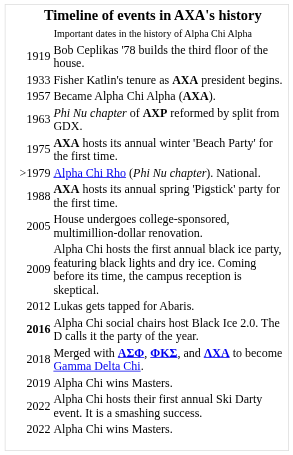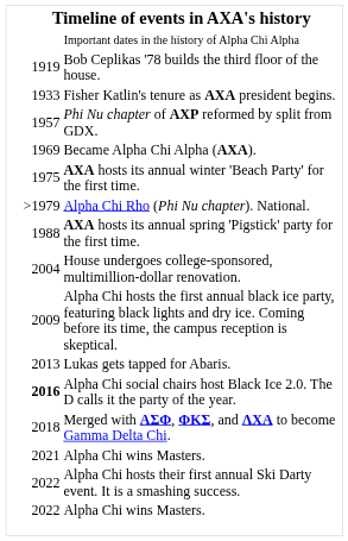 <table align="right" width="30%" style="border:1px solid #ddd; margin:0 1 1em 1em; padding:0 0 1em 1em; vertical-align:right;">
 <tr>
 <th colspan="2" align="center"><big>Timeline of events in AXA's history</big></th>
 </tr>
 <tr>
 <td colspan="2" align="center"><small>Important dates in the history of Alpha Chi Alpha</small></td>
 </tr>
 <tr>
 <td align="right">1919</td>
 <td>Bob Ceplikas '78 builds the third floor of the house.</td>
 </tr>
 <tr>
 <td align="right">1933</td>
 <td>Fisher Katlin's tenure as <strong>AXA</strong> president begins.</td>
 </tr>
 <tr>
 <td align="right">1957</td>
-<td>Became Alpha Chi Alpha (<strong>AXA</strong>).</td>
+<td><em>Phi Nu chapter</em> of <strong>AXP</strong> reformed by split from GDX.</td>
 </tr>
 <tr>
-<td align="right">1963</td>
-<td><em>Phi Nu chapter</em> of <strong>AXP</strong> reformed by split from GDX.</td>
+<td align="right">1969</td>
+<td>Became Alpha Chi Alpha (<strong>AXA</strong>).</td>
 </tr>
 <tr>
 <td align="right">1975</td>
 <td><strong>AXA</strong> hosts its annual winter 'Beach Party' for the first time.</td>
 </tr>
 <tr>
 <td align="right">>1979</td>
 <td><a href='#'>Alpha Chi Rho</a> (<em>Phi Nu chapter</em>). National.</td>
 </tr>
 <tr>
 <td align="right">1988</td>
 <td><strong>AXA</strong> hosts its annual spring 'Pigstick' party for the first time.</td>
 </tr>
 <tr>
-<td align="right">2005</td>
+<td align="right">2004</td>
 <td>House undergoes college-sponsored, multimillion-dollar renovation.</td>
 </tr>
 <tr>
 <td align="right">2009</td>
 <td>Alpha Chi hosts the first annual black ice party, featuring black lights and dry ice. Coming before its time, the campus reception is skeptical.</td>
 </tr>
 <tr>
-<td align="right">2012</td>
+<td align="right">2013</td>
 <td>Lukas gets tapped for Abaris.</td>
 </tr>
 <tr>
 <td align="right"><strong>2016</strong></td>
 <td>Alpha Chi social chairs host Black Ice 2.0. The D calls it the party of the year.</td>
 </tr>
 <tr>
 <td align="right">2018</td>
 <td>Merged with <a href='#'><strong>ΑΣΦ</strong></a>, <a href='#'><strong>ΦΚΣ</strong></a>, and <a href='#'><strong>ΛΧΑ</strong></a> to become <a href='#'>Gamma Delta Chi</a>.</td>
 </tr>
 <tr>
-<td align="right">2019</td>
+<td align="right">2021</td>
 <td>Alpha Chi wins Masters.</td>
 </tr>
 <tr>
 <td align="right">2022</td>
 <td>Alpha Chi hosts their first annual Ski Darty event. It is a smashing success.</td>
 </tr>
 <tr>
 <td align="right">2022</td>
 <td>Alpha Chi wins Masters.</td>
 </tr>
 </table>
